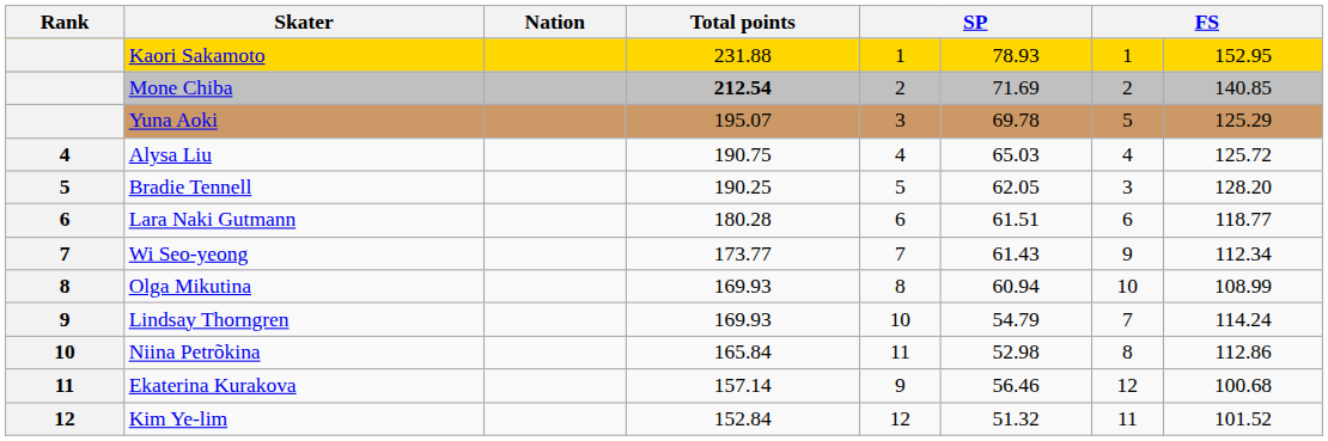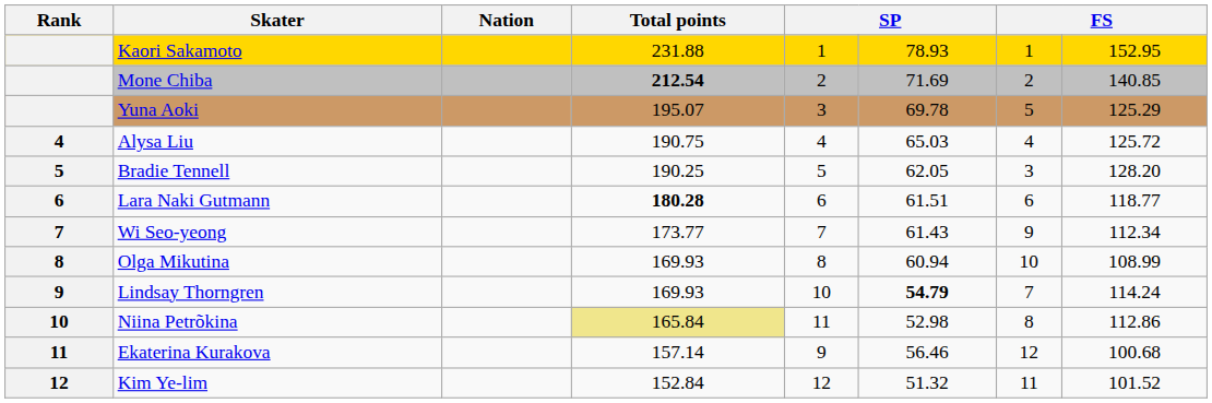 <table class="wikitable sortable" style="text-align:center;" width="80%">
 <tr>
 <th scope="col">Rank</th>
 <th scope="col">Skater</th>
 <th scope="col">Nation</th>
 <th scope="col">Total points</th>
 <th scope="col" colspan="2" width="80px"><a href='#'>SP</a></th>
 <th scope="col" colspan="2" width="80px"><a href='#'>FS</a></th>
 </tr>
 <tr bgcolor="gold">
 <th scope="row"></th>
 <td align="left"><a href='#'>Kaori Sakamoto</a></td>
 <td align="left"></td>
 <td>231.88</td>
 <td>1</td>
 <td>78.93</td>
 <td>1</td>
 <td>152.95</td>
 </tr>
 <tr bgcolor="silver">
 <th scope="row"></th>
 <td align="left"><a href='#'>Mone Chiba</a></td>
 <td align="left"></td>
 <td><strong>212.54</strong></td>
 <td>2</td>
 <td>71.69</td>
 <td>2</td>
 <td>140.85</td>
 </tr>
 <tr bgcolor="cc9966">
 <th scope="row"></th>
 <td align="left"><a href='#'>Yuna Aoki</a></td>
 <td align="left"></td>
 <td>195.07</td>
 <td>3</td>
 <td>69.78</td>
 <td>5</td>
 <td>125.29</td>
 </tr>
 <tr>
 <th scope="row">4</th>
 <td align="left"><a href='#'>Alysa Liu</a></td>
 <td align="left"></td>
 <td>190.75</td>
 <td>4</td>
 <td>65.03</td>
 <td>4</td>
 <td>125.72</td>
 </tr>
 <tr>
 <th scope="row">5</th>
 <td align="left"><a href='#'>Bradie Tennell</a></td>
 <td align="left"></td>
 <td>190.25</td>
 <td>5</td>
 <td>62.05</td>
 <td>3</td>
 <td>128.20</td>
 </tr>
 <tr>
 <th scope="row">6</th>
 <td align="left"><a href='#'>Lara Naki Gutmann</a></td>
 <td align="left"></td>
-<td>180.28</td>
+<td><strong>180.28</strong></td>
 <td>6</td>
 <td>61.51</td>
 <td>6</td>
 <td>118.77</td>
 </tr>
 <tr>
 <th scope="row">7</th>
 <td align="left"><a href='#'>Wi Seo-yeong</a></td>
 <td align="left"></td>
 <td>173.77</td>
 <td>7</td>
 <td>61.43</td>
 <td>9</td>
 <td>112.34</td>
 </tr>
 <tr>
 <th scope="row">8</th>
 <td align="left"><a href='#'>Olga Mikutina</a></td>
 <td align="left"></td>
 <td>169.93</td>
 <td>8</td>
 <td>60.94</td>
 <td>10</td>
 <td>108.99</td>
 </tr>
 <tr>
 <th scope="row">9</th>
 <td align="left"><a href='#'>Lindsay Thorngren</a></td>
 <td align="left"></td>
 <td>169.93</td>
 <td>10</td>
-<td>54.79</td>
+<td><strong>54.79</strong></td>
 <td>7</td>
 <td>114.24</td>
 </tr>
 <tr>
 <th scope="row">10</th>
 <td align="left"><a href='#'>Niina Petrõkina</a></td>
 <td align="left"></td>
-<td>165.84</td>
+<td style="background: khaki;">165.84</td>
 <td>11</td>
 <td>52.98</td>
 <td>8</td>
 <td>112.86</td>
 </tr>
 <tr>
 <th scope="row">11</th>
 <td align="left"><a href='#'>Ekaterina Kurakova</a></td>
 <td align="left"></td>
 <td>157.14</td>
 <td>9</td>
 <td>56.46</td>
 <td>12</td>
 <td>100.68</td>
 </tr>
 <tr>
 <th scope="row">12</th>
 <td align="left"><a href='#'>Kim Ye-lim</a></td>
 <td align="left"></td>
 <td>152.84</td>
 <td>12</td>
 <td>51.32</td>
 <td>11</td>
 <td>101.52</td>
 </tr>
 </table>
